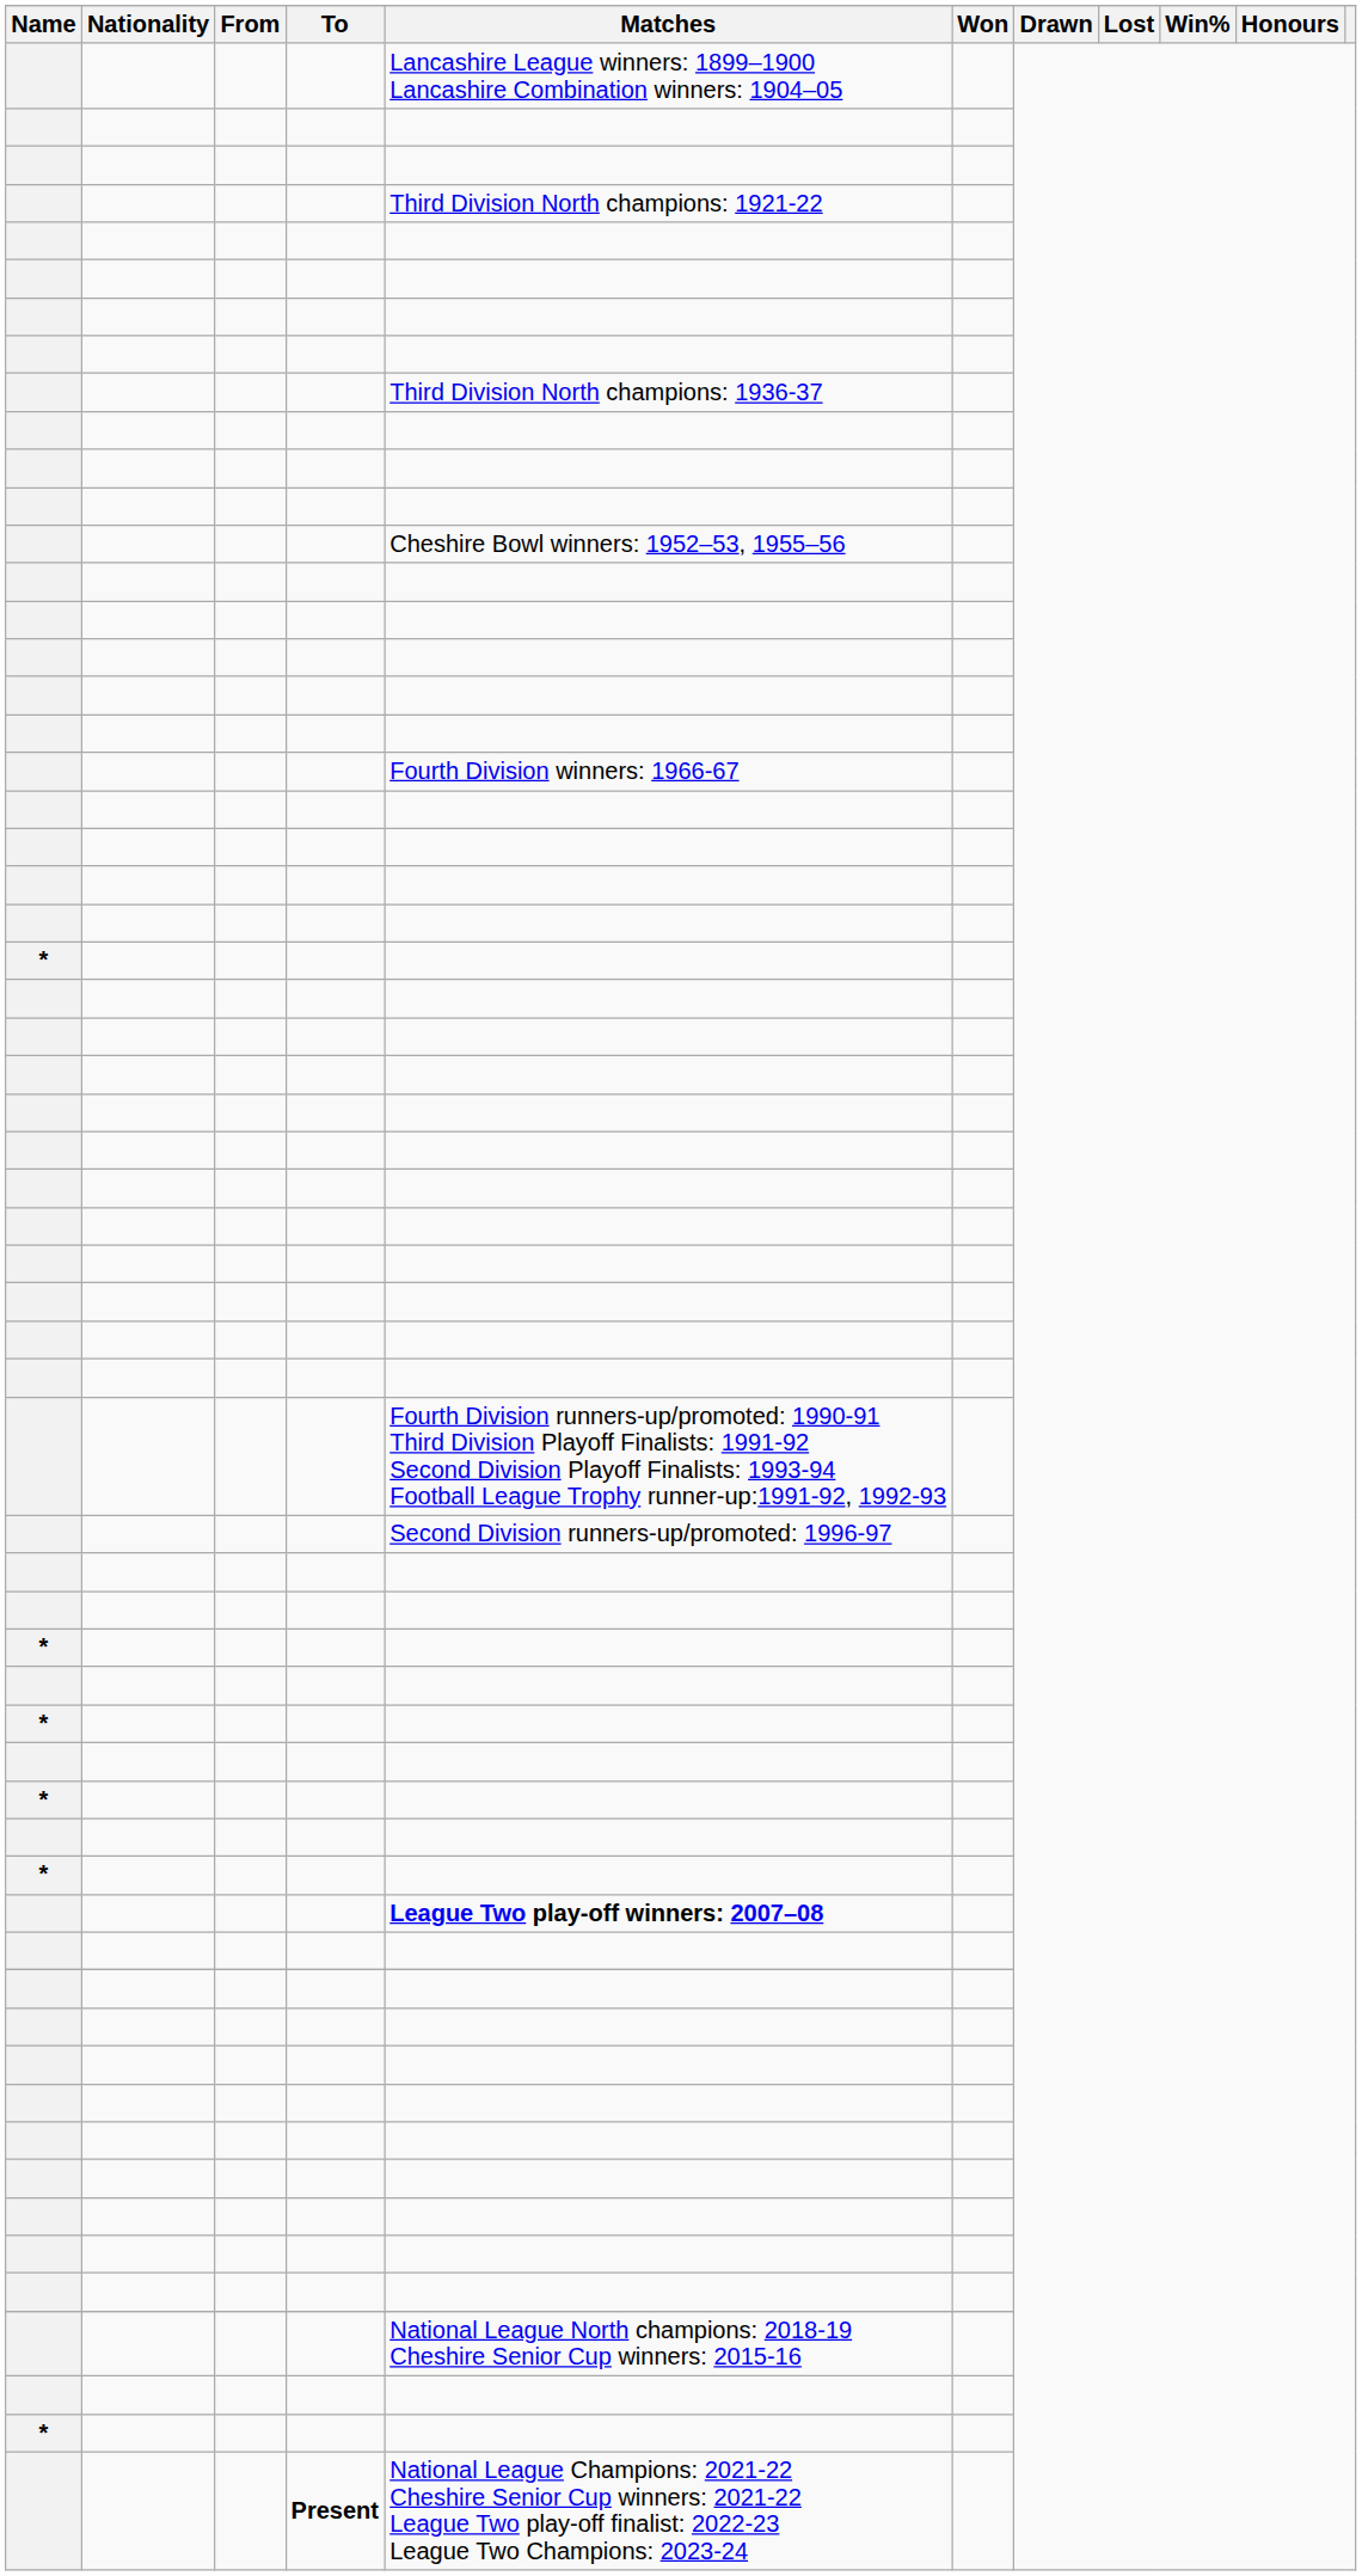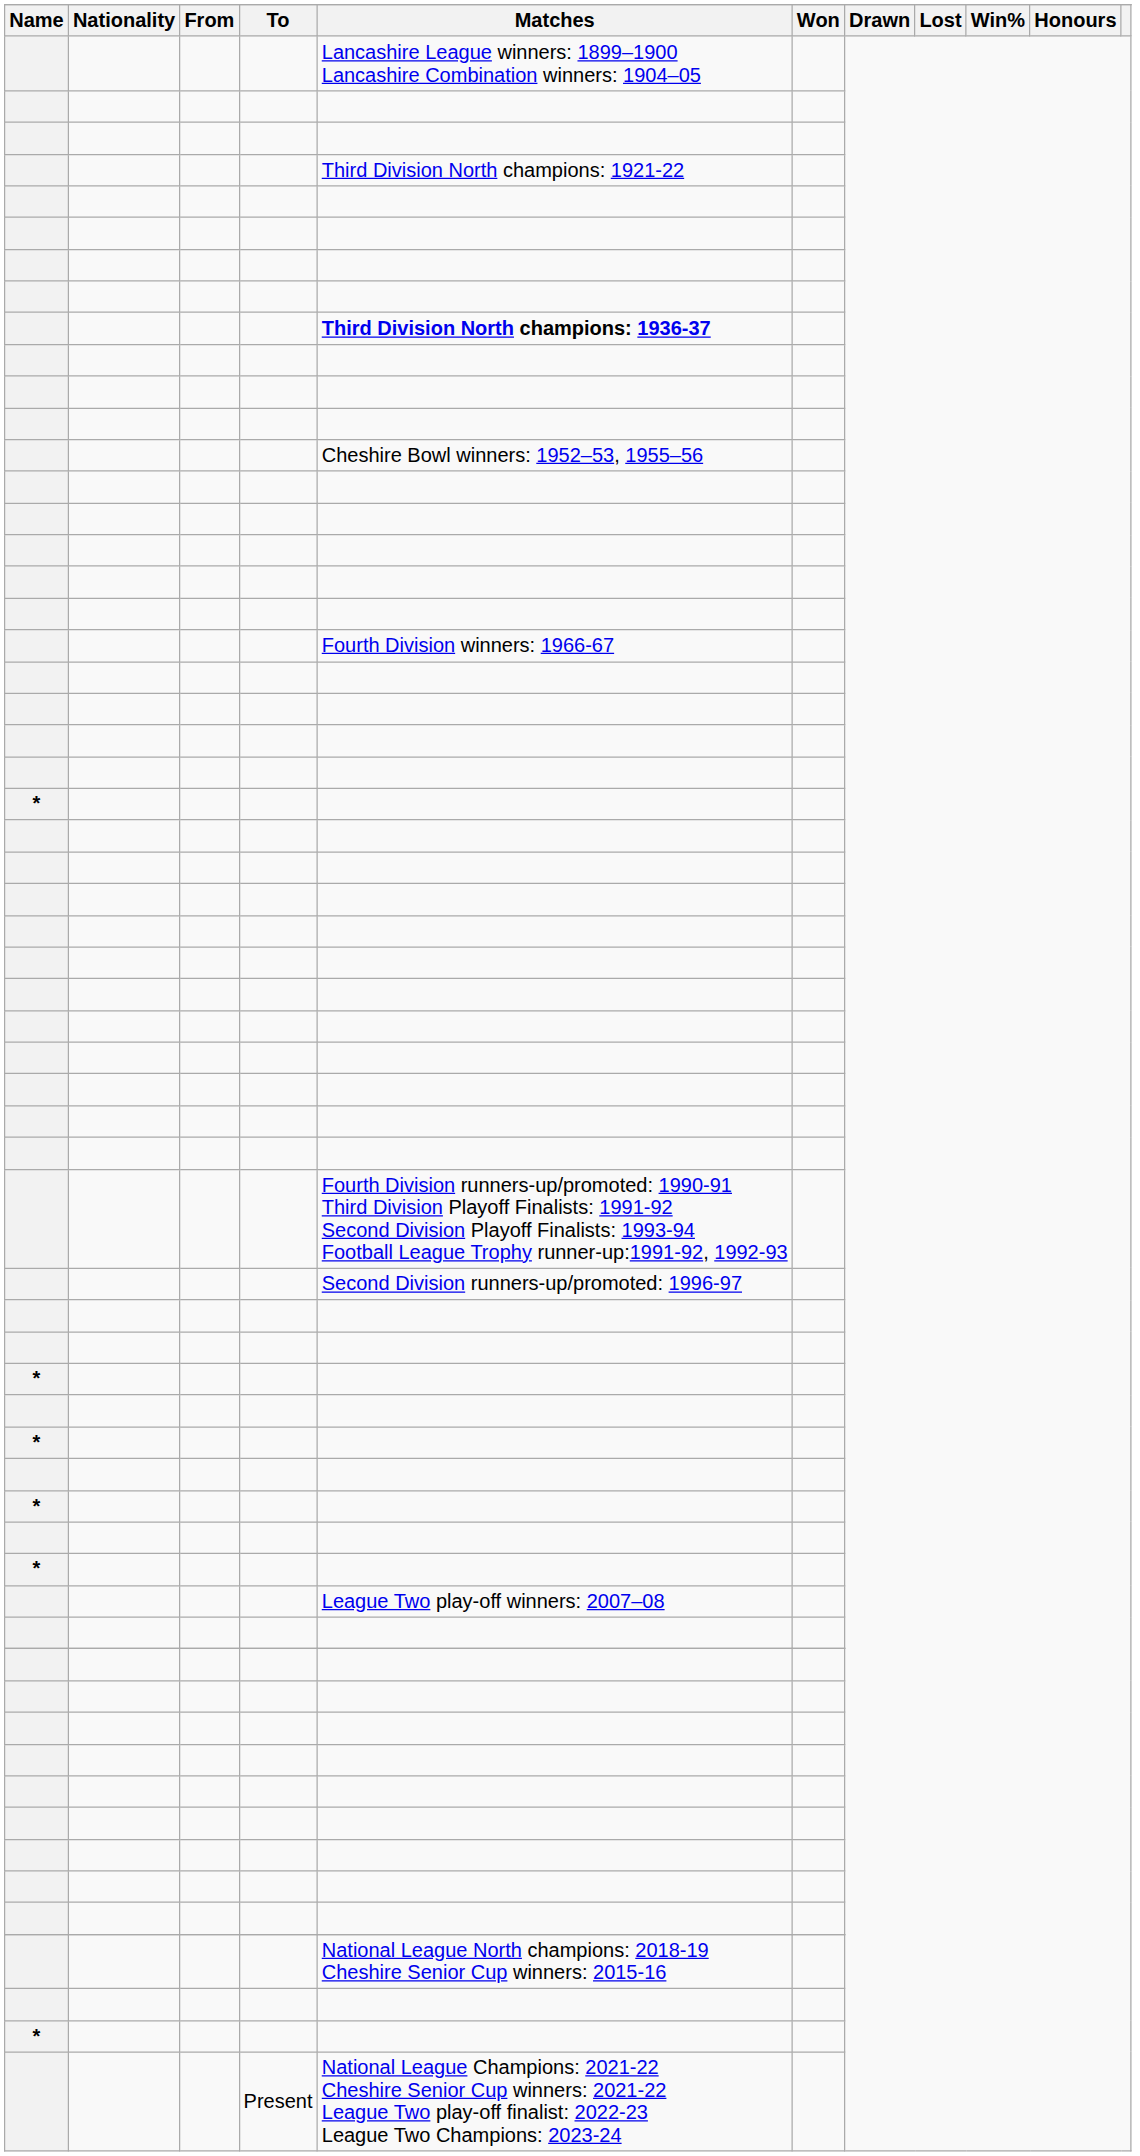 <table class="wikitable sortable plainrowheaders">
 <tr>
 </tr>
 <tr>
 <th scope="col">Name</th>
 <th scope="col">Nationality</th>
 <th scope="col">From</th>
 <th scope="col">To</th>
 <th scope="col">Matches</th>
 <th scope="col">Won</th>
 <th scope="col">Drawn</th>
 <th scope="col">Lost</th>
 <th scope="col">Win%</th>
 <th scope="col">Honours</th>
 <th scope="col" class="unsortable"></th>
 </tr>
 <tr>
 <th scope="row"></th>
 <td></td>
 <td></td>
 <td><br></td>
 <td><a href='#'>Lancashire League</a> winners: <a href='#'>1899–1900</a><br><a href='#'>Lancashire Combination</a> winners:  <a href='#'>1904–05</a></td>
 <td></td>
 </tr>
 <tr>
 <th scope="row"></th>
 <td></td>
 <td></td>
 <td><br></td>
 <td></td>
 <td></td>
 </tr>
 <tr>
 <th scope="row"></th>
 <td></td>
 <td></td>
 <td><br></td>
 <td></td>
 <td></td>
 </tr>
 <tr>
 <th scope="row"></th>
 <td></td>
 <td></td>
 <td><br></td>
 <td><a href='#'>Third Division North</a> champions: <a href='#'>1921-22</a></td>
 <td></td>
 </tr>
 <tr>
 <th scope="row"></th>
 <td></td>
 <td></td>
 <td><br></td>
 <td></td>
 <td></td>
 </tr>
 <tr>
 <th scope="row"></th>
 <td></td>
 <td></td>
 <td><br></td>
 <td></td>
 <td></td>
 </tr>
 <tr>
 <th scope="row"></th>
 <td></td>
 <td></td>
 <td><br></td>
 <td></td>
 <td></td>
 </tr>
 <tr>
 <th scope="row"></th>
 <td></td>
 <td></td>
 <td><br></td>
 <td></td>
 <td></td>
 </tr>
 <tr>
 <th scope="row"></th>
 <td></td>
 <td></td>
 <td><br></td>
-<td><a href='#'>Third Division North</a> champions: <a href='#'>1936-37</a></td>
+<td><strong><a href='#'>Third Division North</a> champions: <a href='#'>1936-37</a></strong></td>
 <td></td>
 </tr>
 <tr>
 <th scope="row"></th>
 <td></td>
 <td></td>
 <td><br></td>
 <td></td>
 <td></td>
 </tr>
 <tr>
 <th scope="row"></th>
 <td></td>
 <td></td>
 <td><br></td>
 <td></td>
 <td></td>
 </tr>
 <tr>
 <th scope="row"></th>
 <td></td>
 <td></td>
 <td><br></td>
 <td></td>
 <td></td>
 </tr>
 <tr>
 <th scope="row"></th>
 <td></td>
 <td></td>
 <td><br></td>
 <td>Cheshire Bowl winners: <a href='#'>1952–53</a>, <a href='#'>1955–56</a></td>
 <td></td>
 </tr>
 <tr>
 <th scope="row"> </th>
 <td></td>
 <td></td>
 <td><br></td>
 <td></td>
 <td></td>
 </tr>
 <tr>
 <th scope="row"></th>
 <td></td>
 <td></td>
 <td><br></td>
 <td></td>
 <td></td>
 </tr>
 <tr>
 <th scope="row"> </th>
 <td></td>
 <td></td>
 <td><br></td>
 <td></td>
 <td></td>
 </tr>
 <tr>
 <th scope="row"></th>
 <td></td>
 <td></td>
 <td><br></td>
 <td></td>
 <td></td>
 </tr>
 <tr>
 <th scope="row"></th>
 <td></td>
 <td></td>
 <td><br></td>
 <td></td>
 <td></td>
 </tr>
 <tr>
 <th scope="row"></th>
 <td></td>
 <td></td>
 <td><br></td>
 <td><a href='#'>Fourth Division</a> winners:  <a href='#'>1966-67</a></td>
 <td></td>
 </tr>
 <tr>
 <th scope="row"></th>
 <td></td>
 <td></td>
 <td><br></td>
 <td></td>
 <td></td>
 </tr>
 <tr>
 <th scope="row"></th>
 <td></td>
 <td></td>
 <td><br></td>
 <td></td>
 <td></td>
 </tr>
 <tr>
 <th scope="row"></th>
 <td></td>
 <td></td>
 <td><br></td>
 <td></td>
 <td></td>
 </tr>
 <tr>
 <th scope="row"></th>
 <td></td>
 <td></td>
 <td><br></td>
 <td></td>
 <td></td>
 </tr>
 <tr>
 <th scope="row"><em></em>*</th>
 <td></td>
 <td></td>
 <td><br></td>
 <td></td>
 <td></td>
 </tr>
 <tr>
 <th scope="row"></th>
 <td></td>
 <td></td>
 <td><br></td>
 <td></td>
 <td></td>
 </tr>
 <tr>
 <th scope="row"></th>
 <td></td>
 <td></td>
 <td><br></td>
 <td></td>
 <td></td>
 </tr>
 <tr>
 <th scope="row"> </th>
 <td></td>
 <td></td>
 <td><br></td>
 <td></td>
 <td></td>
 </tr>
 <tr>
 <th scope="row"> </th>
 <td></td>
 <td></td>
 <td><br></td>
 <td></td>
 <td></td>
 </tr>
 <tr>
 <th scope="row"></th>
 <td></td>
 <td></td>
 <td><br></td>
 <td></td>
 <td></td>
 </tr>
 <tr>
 <th scope="row"></th>
 <td></td>
 <td></td>
 <td><br></td>
 <td></td>
 <td></td>
 </tr>
 <tr>
 <th scope="row"></th>
 <td></td>
 <td></td>
 <td><br></td>
 <td></td>
 <td></td>
 </tr>
 <tr>
 <th scope="row"> </th>
 <td></td>
 <td></td>
 <td><br></td>
 <td></td>
 <td></td>
 </tr>
 <tr>
 <th scope="row"></th>
 <td></td>
 <td></td>
 <td><br></td>
 <td></td>
 <td></td>
 </tr>
 <tr>
 <th scope="row"></th>
 <td></td>
 <td></td>
 <td><br></td>
 <td></td>
 <td></td>
 </tr>
 <tr>
 <th scope="row"> </th>
 <td></td>
 <td></td>
 <td><br></td>
 <td></td>
 <td></td>
 </tr>
 <tr>
 <th scope="row"></th>
 <td></td>
 <td></td>
 <td><br></td>
 <td><a href='#'>Fourth Division</a> runners-up/promoted: <a href='#'>1990-91</a><br><a href='#'>Third Division</a> Playoff Finalists: <a href='#'>1991-92</a><br><a href='#'>Second Division</a> Playoff Finalists: <a href='#'>1993-94</a><br><a href='#'>Football League Trophy</a> runner-up:<a href='#'>1991-92</a>, <a href='#'>1992-93</a></td>
 <td></td>
 </tr>
 <tr>
 <th scope="row"></th>
 <td></td>
 <td></td>
 <td><br></td>
 <td><a href='#'>Second Division</a> runners-up/promoted: <a href='#'>1996-97</a></td>
 <td></td>
 </tr>
 <tr>
 <th scope="row"></th>
 <td></td>
 <td></td>
 <td><br></td>
 <td></td>
 <td></td>
 </tr>
 <tr>
 <th scope="row"></th>
 <td></td>
 <td></td>
 <td><br></td>
 <td></td>
 <td></td>
 </tr>
 <tr>
 <th scope="row"><em></em>*</th>
 <td></td>
 <td></td>
 <td><br></td>
 <td></td>
 <td></td>
 </tr>
 <tr>
 <th scope="row"> </th>
 <td></td>
 <td></td>
 <td><br></td>
 <td></td>
 <td></td>
 </tr>
 <tr>
 <th scope="row"><em></em>*</th>
 <td></td>
 <td></td>
 <td><br></td>
 <td></td>
 <td></td>
 </tr>
 <tr>
 <th scope="row"></th>
 <td></td>
 <td></td>
 <td><br></td>
 <td></td>
 <td></td>
 </tr>
 <tr>
 <th scope="row"><em></em>*</th>
 <td></td>
 <td></td>
 <td><br></td>
 <td></td>
 <td></td>
 </tr>
 <tr>
 <th scope="row"></th>
 <td></td>
 <td></td>
 <td><br></td>
 <td></td>
 <td></td>
 </tr>
 <tr>
 <th scope="row"><em></em>*</th>
 <td></td>
 <td></td>
 <td><br></td>
 <td></td>
 <td></td>
 </tr>
 <tr>
 <th scope="row"></th>
 <td></td>
 <td></td>
 <td><br></td>
-<td><strong><a href='#'>League Two</a> play-off winners: <a href='#'>2007–08</a></strong></td>
+<td><a href='#'>League Two</a> play-off winners: <a href='#'>2007–08</a></td>
 <td></td>
 </tr>
 <tr>
 <th scope="row"></th>
 <td></td>
 <td></td>
 <td><br></td>
 <td></td>
 <td></td>
 </tr>
 <tr>
 </tr>
 <tr>
 <th scope="row"></th>
 <td></td>
 <td></td>
 <td><br></td>
 <td></td>
 <td></td>
 </tr>
 <tr>
 <th scope="row"></th>
 <td></td>
 <td></td>
 <td><br></td>
 <td></td>
 <td></td>
 </tr>
 <tr>
 <th scope="row"></th>
 <td></td>
 <td></td>
 <td><br></td>
 <td></td>
 <td></td>
 </tr>
 <tr>
 <th scope="row"></th>
 <td></td>
 <td></td>
 <td><br></td>
 <td></td>
 <td></td>
 </tr>
 <tr>
 <th scope="row"></th>
 <td></td>
 <td></td>
 <td><br></td>
 <td></td>
 <td></td>
 </tr>
 <tr>
 <th scope="row"></th>
 <td> </td>
 <td></td>
 <td><br></td>
 <td></td>
 <td></td>
 </tr>
 <tr>
 <th scope="row"></th>
 <td></td>
 <td></td>
 <td><br></td>
 <td></td>
 <td></td>
 </tr>
 <tr>
 <th scope="row"></th>
 <td></td>
 <td></td>
 <td><br></td>
 <td></td>
 <td></td>
 </tr>
 <tr>
 <th scope="row"></th>
 <td></td>
 <td></td>
 <td><br></td>
 <td></td>
 <td></td>
 </tr>
 <tr>
 </tr>
 <tr>
 <th scope="row"></th>
 <td></td>
 <td></td>
 <td><br></td>
 <td><a href='#'>National League North</a> champions: <a href='#'>2018-19</a><br><a href='#'>Cheshire Senior Cup</a> winners: <a href='#'>2015-16</a></td>
 <td></td>
 </tr>
 <tr>
 <th scope="row"></th>
 <td></td>
 <td></td>
 <td><br></td>
 <td></td>
 <td></td>
 </tr>
 <tr>
 <th scope="row"><em></em>*</th>
 <td></td>
 <td></td>
 <td><br></td>
 <td></td>
 <td></td>
 </tr>
 <tr>
 <th scope="row"></th>
 <td></td>
 <td></td>
-<td><strong>Present<br></strong></td>
+<td>Present<br></td>
 <td><a href='#'>National League</a> Champions: <a href='#'>2021-22</a><br><a href='#'>Cheshire Senior Cup</a> winners: <a href='#'>2021-22</a><br><a href='#'>League Two</a> play-off finalist: <a href='#'>2022-23</a> <br> League Two Champions: <a href='#'>2023-24</a></td>
 <td></td>
 </tr>
 </table>
